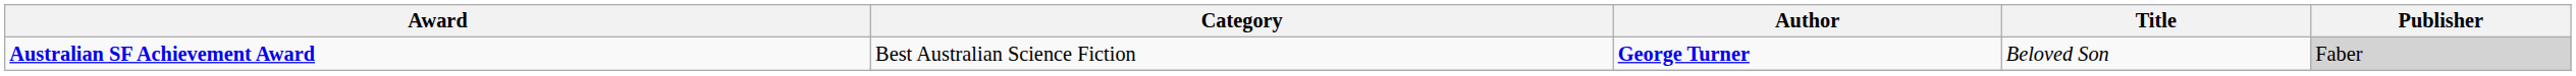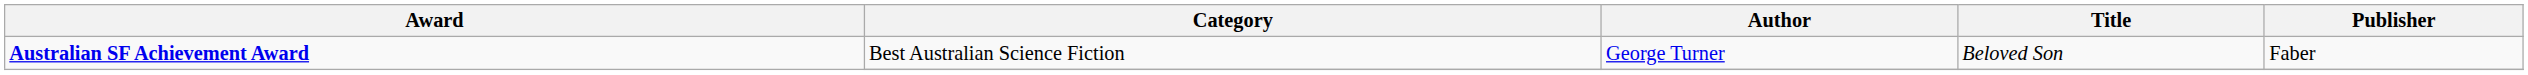 <table class="wikitable" width=100%>
 <tr>
 <th>Award</th>
 <th>Category</th>
 <th>Author</th>
 <th>Title</th>
 <th>Publisher</th>
 </tr>
 <tr>
 <td rowspan=2><strong><a href='#'> Australian SF Achievement Award</a></strong></td>
 <td>Best Australian Science Fiction</td>
-<td><strong><a href='#'>George Turner</a></strong></td>
+<td><a href='#'>George Turner</a></td>
 <td><em>Beloved Son</em></td>
-<td style="background: lightgrey;">Faber</td>
+<td>Faber</td>
 </tr>
 <tr>
 </tr>
 </table>
